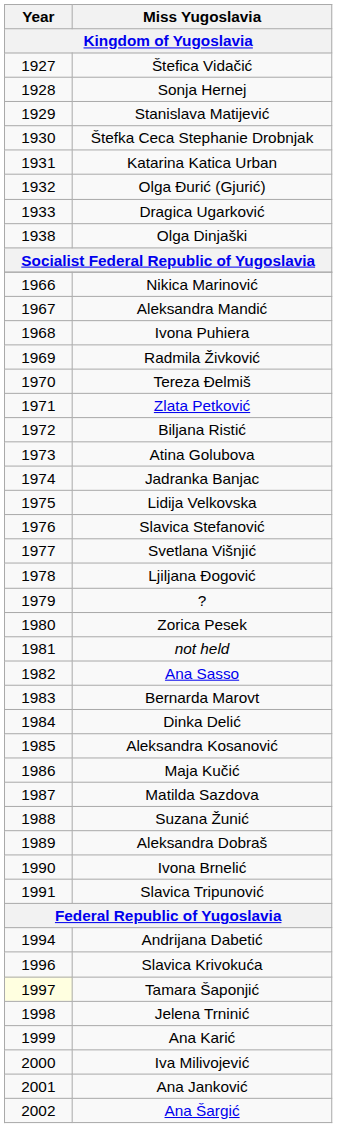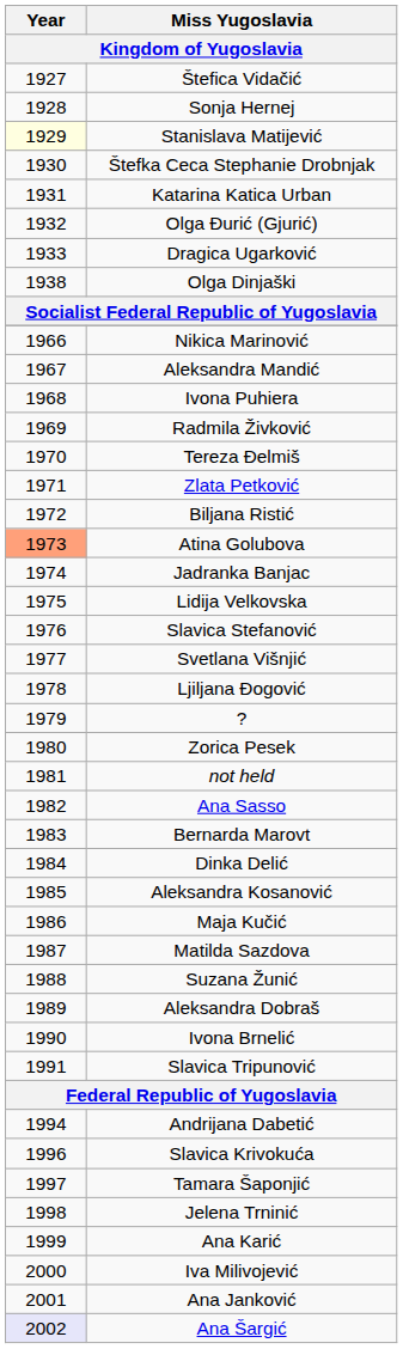 <table class="wikitable sortable" style="font-size: 95%; text-align:center">
 <tr>
 <th width="60">Year</th>
 <th width="250">Miss Yugoslavia</th>
 </tr>
 <tr>
 <th colspan="2"><a href='#'>Kingdom of Yugoslavia</a></th>
 </tr>
 <tr>
 <td>1927</td>
 <td>Štefica Vidačić</td>
 </tr>
 <tr>
 <td>1928</td>
 <td>Sonja Hernej</td>
 </tr>
 <tr>
-<td>1929</td>
+<td style="background: lightyellow;">1929</td>
 <td>Stanislava Matijević</td>
 </tr>
 <tr>
 <td>1930</td>
 <td>Štefka Ceca Stephanie Drobnjak</td>
 </tr>
 <tr>
 <td>1931</td>
 <td>Katarina Katica Urban</td>
 </tr>
 <tr>
 <td>1932</td>
 <td>Olga Đurić (Gjurić)</td>
 </tr>
 <tr>
 <td>1933</td>
 <td>Dragica Ugarković</td>
 </tr>
 <tr>
 <td>1938</td>
 <td>Olga Dinjaški</td>
 </tr>
 <tr>
 <th colspan="2"><a href='#'>Socialist Federal Republic of Yugoslavia</a></th>
 </tr>
 <tr>
 </tr>
 <tr>
 <td>1966</td>
 <td>Nikica Marinović</td>
 </tr>
 <tr>
 <td>1967</td>
 <td>Aleksandra Mandić</td>
 </tr>
 <tr>
 <td>1968</td>
 <td>Ivona Puhiera</td>
 </tr>
 <tr>
 <td>1969</td>
 <td>Radmila Živković</td>
 </tr>
 <tr>
 <td>1970</td>
 <td>Tereza Đelmiš</td>
 </tr>
 <tr>
 <td>1971</td>
 <td><a href='#'>Zlata Petković</a></td>
 </tr>
 <tr>
 <td>1972</td>
 <td>Biljana Ristić</td>
 </tr>
 <tr>
-<td>1973</td>
+<td style="background: lightsalmon;">1973</td>
 <td>Atina Golubova</td>
 </tr>
 <tr>
 <td>1974</td>
 <td>Jadranka Banjac</td>
 </tr>
 <tr>
 <td>1975</td>
 <td>Lidija Velkovska</td>
 </tr>
 <tr>
 <td>1976</td>
 <td>Slavica Stefanović</td>
 </tr>
 <tr>
 <td>1977</td>
 <td>Svetlana Višnjić</td>
 </tr>
 <tr>
 <td>1978</td>
 <td>Ljiljana Đogović</td>
 </tr>
 <tr>
 <td>1979</td>
 <td>?</td>
 </tr>
 <tr>
 <td>1980</td>
 <td>Zorica Pesek</td>
 </tr>
 <tr>
 <td>1981</td>
 <td><em>not held</em></td>
 </tr>
 <tr>
 <td>1982</td>
 <td><a href='#'>Ana Sasso</a></td>
 </tr>
 <tr>
 <td>1983</td>
 <td>Bernarda Marovt</td>
 </tr>
 <tr>
 <td>1984</td>
 <td>Dinka Delić</td>
 </tr>
 <tr>
 <td>1985</td>
 <td>Aleksandra Kosanović</td>
 </tr>
 <tr>
 <td>1986</td>
 <td>Maja Kučić</td>
 </tr>
 <tr>
 <td>1987</td>
 <td>Matilda Sazdova</td>
 </tr>
 <tr>
 <td>1988</td>
 <td>Suzana Žunić</td>
 </tr>
 <tr>
 <td>1989</td>
 <td>Aleksandra Dobraš</td>
 </tr>
 <tr>
 <td>1990</td>
 <td>Ivona Brnelić</td>
 </tr>
 <tr>
 <td>1991</td>
 <td>Slavica Tripunović</td>
 </tr>
 <tr>
 <th colspan="2"><a href='#'>Federal Republic of Yugoslavia</a></th>
 </tr>
 <tr>
 <td>1994</td>
 <td>Andrijana Dabetić</td>
 </tr>
 <tr>
 <td>1996</td>
 <td>Slavica Krivokuća</td>
 </tr>
 <tr>
-<td style="background: lightyellow;">1997</td>
+<td>1997</td>
 <td>Tamara Šaponjić</td>
 </tr>
 <tr>
 <td>1998</td>
 <td>Jelena Trninić</td>
 </tr>
 <tr>
 <td>1999</td>
 <td>Ana Karić</td>
 </tr>
 <tr>
 <td>2000</td>
 <td>Iva Milivojević</td>
 </tr>
 <tr>
 <td>2001</td>
 <td>Ana Janković</td>
 </tr>
 <tr>
-<td>2002</td>
+<td style="background: lavender;">2002</td>
 <td><a href='#'>Ana Šargić</a></td>
 </tr>
 </table>
